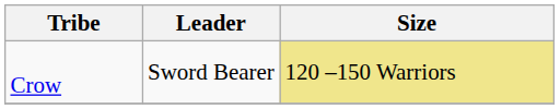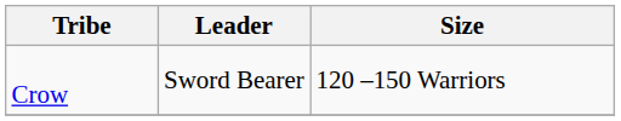 <table class="wikitable">
 <tr>
 <th width=25%>Tribe</th>
 <th width=25%>Leader</th>
 <th>Size</th>
 </tr>
 <tr>
 <td rowspan=1><br><a href='#'>Crow</a></td>
 <td>Sword Bearer</td>
-<td style="background: khaki;">120 –150 Warriors</td>
+<td>120 –150 Warriors</td>
 </tr>
 <tr>
 </tr>
 </table>
